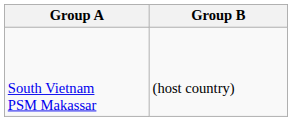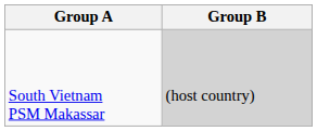 <table class="wikitable" width=50%>
 <tr>
 <th width=5%>Group A</th>
 <th width=5%>Group B</th>
 </tr>
 <tr>
 <td><br> <br>  <br>  <a href='#'>South Vietnam</a> <br>  <a href='#'>PSM Makassar</a> <br></td>
-<td><br>  <br>  <br>  (host country)<br>  <br></td>
+<td style="background: lightgrey;"><br>  <br>  <br>  (host country)<br>  <br></td>
 </tr>
 </table>
